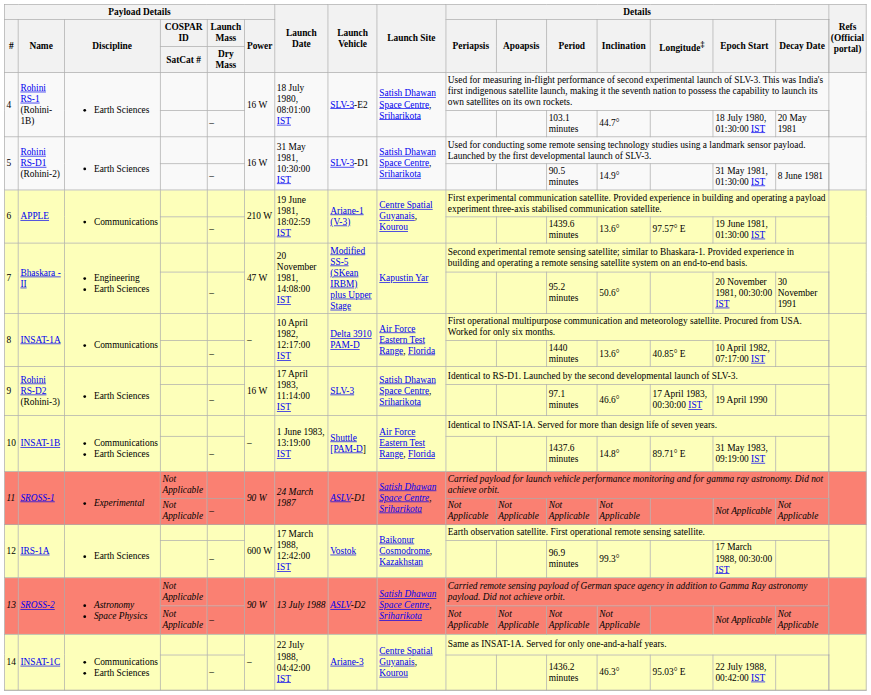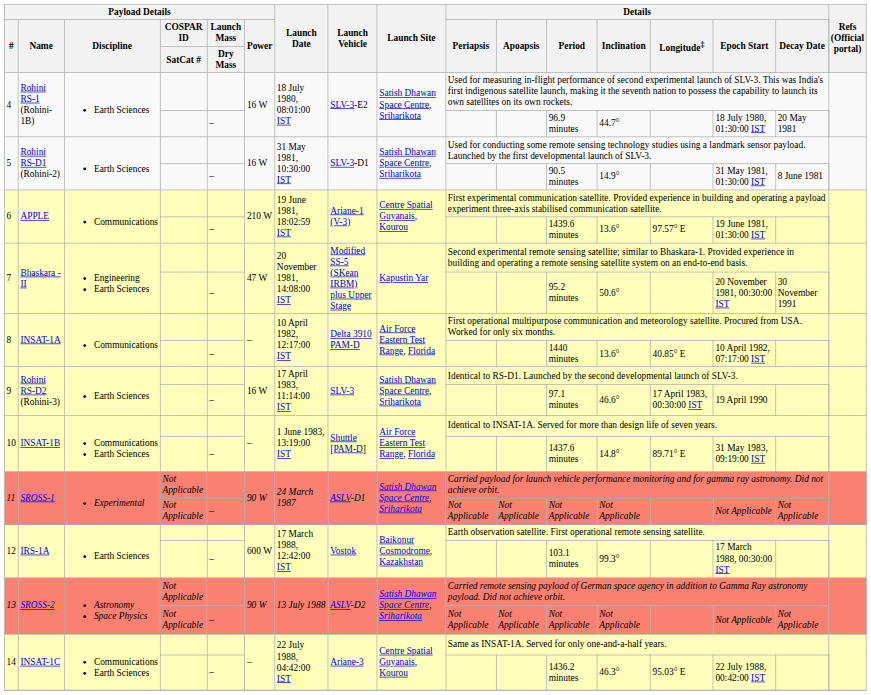 <table class="wikitable sortable sort-under" style="font-size: 85%">
 <tr>
 <th colspan="6">Payload Details</th>
 <th rowspan="3">Launch Date</th>
 <th rowspan="3">Launch Vehicle</th>
 <th rowspan="3">Launch Site</th>
 <th colspan="9">Details</th>
 <th rowspan="3">Refs<br>(Official<br>portal)</th>
 </tr>
 <tr>
 <th rowspan="2">#</th>
 <th rowspan="2">Name</th>
 <th rowspan="2">Discipline</th>
 <th>COSPAR ID</th>
 <th>Launch Mass</th>
 <th rowspan="2">Power</th>
 <th rowspan="2">Periapsis</th>
 <th rowspan="2">Apoapsis</th>
 <th rowspan="2">Period</th>
 <th rowspan="2">Inclination</th>
 <th rowspan="2">Longitude<sup>‡</sup></th>
 <th rowspan="2">Epoch Start</th>
 <th rowspan="2">Decay Date</th>
 </tr>
 <tr>
 <th>SatCat #</th>
 <th>Dry Mass</th>
 </tr>
 <tr>
 <td rowspan="2">4</td>
 <td rowspan="2"><a href='#'>Rohini RS-1</a> (Rohini-1B)</td>
 <td rowspan="2"><br><ul><li>Earth Sciences </li></ul></td>
 <td></td>
 <td></td>
 <td rowspan="2">16 W </td>
 <td rowspan="2">18 July 1980, 08:01:00 <a href='#'>IST</a></td>
 <td rowspan="2"><a href='#'>SLV-3</a>-E2</td>
 <td rowspan="2"> <a href='#'>Satish Dhawan Space Centre</a>, <a href='#'>Sriharikota</a></td>
 <td colspan="9">Used for measuring in-flight performance of second experimental launch of SLV-3. This was India's first indigenous satellite launch, making it the seventh nation to possess the capability to launch its own satellites on its own rockets.</td>
 <td rowspan="2">  </td>
 </tr>
 <tr>
 <td></td>
 <td>–</td>
 <td></td>
 <td></td>
-<td>103.1 minutes</td>
+<td>96.9 minutes</td>
 <td>44.7°</td>
 <td></td>
 <td>18 July 1980, 01:30:00 <a href='#'>IST</a></td>
 <td>20 May 1981</td>
 </tr>
 <tr>
 <td rowspan="2">5</td>
 <td rowspan="2"><a href='#'>Rohini RS-D1</a> (Rohini-2)</td>
 <td rowspan="2"><br><ul><li>Earth Sciences </li></ul></td>
 <td></td>
 <td></td>
 <td rowspan="2">16 W </td>
 <td rowspan="2">31 May 1981, 10:30:00 <a href='#'>IST</a></td>
 <td rowspan="2"> <a href='#'>SLV-3</a>-D1</td>
 <td rowspan="2"> <a href='#'>Satish Dhawan Space Centre</a>, <a href='#'>Sriharikota</a></td>
 <td colspan="9">Used for conducting some remote sensing technology studies using a landmark sensor payload. Launched by the first developmental launch of SLV-3.</td>
 <td rowspan="2"> </td>
 </tr>
 <tr>
 <td></td>
 <td>–</td>
 <td></td>
 <td></td>
 <td>90.5 minutes</td>
 <td>14.9°</td>
 <td></td>
 <td>31 May 1981, 01:30:00 <a href='#'>IST</a></td>
 <td>8 June 1981</td>
 </tr>
 <tr style="background:#fdffba;">
 <td rowspan="2">6</td>
 <td rowspan="2"><a href='#'>APPLE</a></td>
 <td rowspan="2"><br><ul><li>Communications </li></ul></td>
 <td></td>
 <td></td>
 <td rowspan="2">210 W </td>
 <td rowspan="2">19 June 1981, 18:02:59 <a href='#'>IST</a></td>
 <td rowspan="2"> <a href='#'>Ariane-1 (V-3)</a></td>
 <td rowspan="2"> <a href='#'>Centre Spatial Guyanais</a>, <a href='#'>Kourou</a></td>
 <td colspan="9">First experimental communication satellite. Provided experience in building and operating a payload experiment three-axis stabilised communication satellite.</td>
 <td rowspan="2">  </td>
 </tr>
 <tr style="background:#fdffba;">
 <td></td>
 <td>–</td>
 <td> </td>
 <td></td>
 <td>1439.6 minutes</td>
 <td>13.6°</td>
 <td>97.57° E</td>
 <td>19 June 1981, 01:30:00 <a href='#'>IST</a></td>
 <td></td>
 </tr>
 <tr style="background:#fdffba;">
 <td rowspan="2">7</td>
 <td rowspan="2"><a href='#'>Bhaskara -II</a></td>
 <td rowspan="2"><br><ul><li>Engineering</li><li>Earth Sciences </li></ul></td>
 <td></td>
 <td></td>
 <td rowspan="2">47 W </td>
 <td rowspan="2">20 November 1981, 14:08:00 <a href='#'>IST</a></td>
 <td rowspan="2"> <a href='#'>Modified SS-5<br>(SKean IRBM) plus Upper Stage</a></td>
 <td rowspan="2"> <a href='#'>Kapustin Yar</a></td>
 <td colspan="9">Second experimental remote sensing satellite; similar to Bhaskara-1. Provided experience in building and operating a remote sensing satellite system on an end-to-end basis.</td>
 <td rowspan="2"> </td>
 </tr>
 <tr style="background:#fdffba;">
 <td></td>
 <td>–</td>
 <td></td>
 <td></td>
 <td>95.2 minutes</td>
 <td>50.6°</td>
 <td></td>
 <td>20 November 1981, 00:30:00 <a href='#'>IST</a></td>
 <td>30 November 1991</td>
 </tr>
 <tr style="background:#fdffba;">
 <td rowspan="2">8</td>
 <td rowspan="2"><a href='#'>INSAT-1A</a></td>
 <td rowspan="2"><br><ul><li>Communications </li></ul></td>
 <td></td>
 <td></td>
 <td rowspan="2">–</td>
 <td rowspan="2">10 April 1982, 12:17:00 <a href='#'>IST</a></td>
 <td rowspan="2"> <a href='#'>Delta 3910 PAM-D</a></td>
 <td rowspan="2"> <a href='#'>Air Force Eastern Test Range</a>, <a href='#'>Florida</a></td>
 <td colspan="9">First operational multipurpose communication and meteorology satellite. Procured from USA. Worked for only six months.</td>
 <td rowspan="2"> </td>
 </tr>
 <tr style="background:#fdffba;">
 <td></td>
 <td>–</td>
 <td> </td>
 <td></td>
 <td>1440 minutes</td>
 <td>13.6°</td>
 <td>40.85° E</td>
 <td>10 April 1982, 07:17:00 <a href='#'>IST</a></td>
 <td></td>
 </tr>
 <tr style="background:#fdffba;">
 <td rowspan="2">9</td>
 <td rowspan="2"><a href='#'>Rohini RS-D2</a> (Rohini-3)</td>
 <td rowspan="2"><br><ul><li>Earth Sciences </li></ul></td>
 <td></td>
 <td> </td>
 <td rowspan="2">16 W </td>
 <td rowspan="2">17 April 1983, 11:14:00 <a href='#'>IST</a></td>
 <td rowspan="2"> <a href='#'>SLV-3</a></td>
 <td rowspan="2"> <a href='#'>Satish Dhawan Space Centre</a>, <a href='#'>Sriharikota</a></td>
 <td colspan="9">Identical to RS-D1. Launched by the second developmental launch of SLV-3.</td>
 <td rowspan="2"></td>
 </tr>
 <tr style="background:#fdffba;">
 <td></td>
 <td>–</td>
 <td></td>
 <td></td>
 <td>97.1 minutes</td>
 <td>46.6°</td>
 <td>17 April 1983, 00:30:00 <a href='#'>IST</a></td>
 <td>19 April 1990</td>
 <td></td>
 </tr>
 <tr style="background:#fdffba;">
 <td rowspan="2">10</td>
 <td rowspan="2"><a href='#'>INSAT-1B</a></td>
 <td rowspan="2"><br><ul><li>Communications</li><li>Earth Sciences </li></ul></td>
 <td></td>
 <td> </td>
 <td rowspan="2">–</td>
 <td rowspan="2">1 June 1983, 13:19:00 <a href='#'>IST</a></td>
 <td rowspan="2"> <a href='#'>Shuttle [PAM-D</a>]</td>
 <td rowspan="2"> <a href='#'>Air Force Eastern Test Range</a>, <a href='#'>Florida</a></td>
 <td colspan="9">Identical to INSAT-1A. Served for more than design life of seven years.</td>
 <td rowspan="2"> </td>
 </tr>
 <tr style="background:#fdffba;">
 <td></td>
 <td>–</td>
 <td> </td>
 <td></td>
 <td>1437.6 minutes</td>
 <td>14.8°</td>
 <td>89.71° E</td>
 <td>31 May 1983, 09:19:00 <a href='#'>IST</a></td>
 <td></td>
 </tr>
 <tr style="background:#fa8072;font-style:italic;">
 <td rowspan="2">11</td>
 <td rowspan="2"><a href='#'>SROSS-1</a></td>
 <td rowspan="2"><br><ul><li>Experimental</li></ul></td>
 <td>Not Applicable</td>
 <td> </td>
 <td rowspan="2">90 W</td>
 <td rowspan="2">24 March 1987</td>
 <td rowspan="2"> <a href='#'>ASLV</a>-D1</td>
 <td rowspan="2"> <a href='#'>Satish Dhawan Space Centre</a>, <a href='#'>Sriharikota</a></td>
 <td colspan="9">Carried payload for launch vehicle performance monitoring and for gamma ray astronomy. Did not achieve orbit.</td>
 <td rowspan="2"></td>
 </tr>
 <tr style="background:#fa8072;font-style:italic;">
 <td>Not Applicable</td>
 <td>–</td>
 <td>Not Applicable</td>
 <td>Not Applicable</td>
 <td>Not Applicable</td>
 <td>Not Applicable</td>
 <td></td>
 <td>Not Applicable</td>
 <td>Not Applicable</td>
 </tr>
 <tr style="background:#fdffba;">
 <td rowspan="2">12</td>
 <td rowspan="2"><a href='#'>IRS-1A</a></td>
 <td rowspan="2"><br><ul><li>Earth Sciences </li></ul></td>
 <td></td>
 <td> </td>
 <td rowspan="2">600 W </td>
 <td rowspan="2">17 March 1988, 12:42:00 <a href='#'>IST</a></td>
 <td rowspan="2"> <a href='#'>Vostok</a></td>
 <td rowspan="2"> <a href='#'>Baikonur Cosmodrome</a>, <a href='#'>Kazakhstan</a></td>
 <td colspan="9">Earth observation satellite. First operational remote sensing satellite.</td>
 <td rowspan="2"></td>
 </tr>
 <tr style="background:#fdffba;">
 <td></td>
 <td>–</td>
 <td> </td>
 <td></td>
-<td>96.9 minutes</td>
+<td>103.1 minutes</td>
 <td>99.3°</td>
 <td></td>
 <td>17 March 1988, 00:30:00 <a href='#'>IST</a></td>
 <td></td>
 </tr>
 <tr style="background:#fa8072;font-style:italic;">
 <td rowspan="2">13</td>
 <td rowspan="2"><a href='#'>SROSS-2</a></td>
 <td rowspan="2"><br><ul><li>Astronomy</li><li>Space Physics</li></ul></td>
 <td>Not Applicable</td>
 <td> </td>
 <td rowspan="2">90 W</td>
 <td rowspan="2">13 July 1988</td>
 <td rowspan="2"> <a href='#'>ASLV</a>-D2</td>
 <td rowspan="2"> <a href='#'>Satish Dhawan Space Centre</a>, <a href='#'>Sriharikota</a></td>
 <td colspan="9">Carried remote sensing payload of German space agency in addition to Gamma Ray astronomy payload. Did not achieve orbit.</td>
 <td rowspan="2"></td>
 </tr>
 <tr style="background:#fa8072;font-style:italic;">
 <td>Not Applicable</td>
 <td>–</td>
 <td>Not Applicable</td>
 <td>Not Applicable</td>
 <td>Not Applicable</td>
 <td>Not Applicable</td>
 <td></td>
 <td>Not Applicable</td>
 <td>Not Applicable</td>
 </tr>
 <tr style="background:#fdffba;">
 <td rowspan="2">14</td>
 <td rowspan="2"><a href='#'>INSAT-1C</a></td>
 <td rowspan="2"><br><ul><li>Communications</li><li>Earth Sciences </li></ul></td>
 <td></td>
 <td></td>
 <td rowspan="2">–</td>
 <td rowspan="2">22 July 1988, 04:42:00 <a href='#'>IST</a></td>
 <td rowspan="2"> <a href='#'>Ariane-3</a></td>
 <td rowspan="2"> <a href='#'>Centre Spatial Guyanais</a>, <a href='#'>Kourou</a></td>
 <td colspan="9">Same as INSAT-1A. Served for only one-and-a-half years.</td>
 <td rowspan="2"></td>
 </tr>
 <tr style="background:#fdffba;">
 <td></td>
 <td>–</td>
 <td> </td>
 <td></td>
 <td>1436.2 minutes</td>
 <td>46.3°</td>
 <td>95.03° E </td>
 <td>22 July 1988, 00:42:00 <a href='#'>IST</a></td>
 <td></td>
 </tr>
 <tr style="background:#fdffba;">
 </tr>
 </table>
